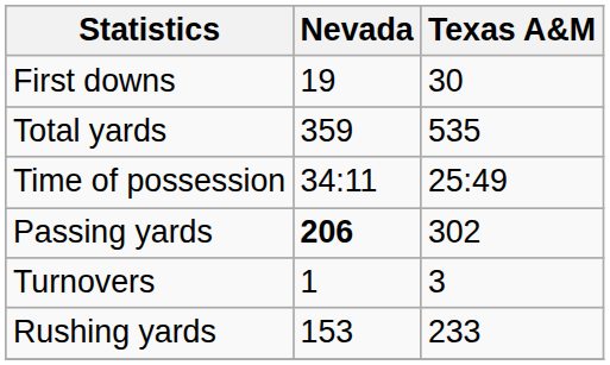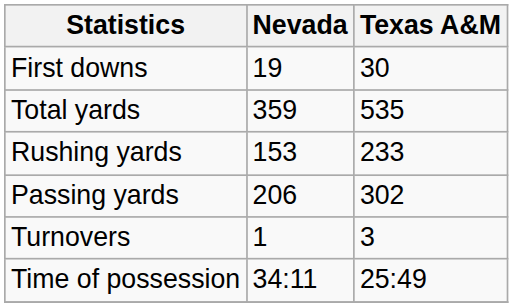 <table class="wikitable">
 <tr>
 <th>Statistics</th>
 <th>Nevada</th>
 <th>Texas A&M</th>
 </tr>
 <tr>
 <td>First downs</td>
 <td>19</td>
 <td>30</td>
 </tr>
 <tr>
 <td>Total yards</td>
 <td>359</td>
 <td>535</td>
 </tr>
 <tr>
-<td>Time of possession</td>
-<td>34:11</td>
-<td>25:49</td>
+<td>Rushing yards</td>
+<td>153</td>
+<td>233</td>
 </tr>
 <tr>
 <td>Passing yards</td>
-<td><strong>206</strong></td>
+<td>206</td>
 <td>302</td>
 </tr>
 <tr>
 <td>Turnovers</td>
 <td>1</td>
 <td>3</td>
 </tr>
 <tr>
-<td>Rushing yards</td>
-<td>153</td>
-<td>233</td>
+<td>Time of possession</td>
+<td>34:11</td>
+<td>25:49</td>
 </tr>
 <tr>
 </tr>
 </table>
